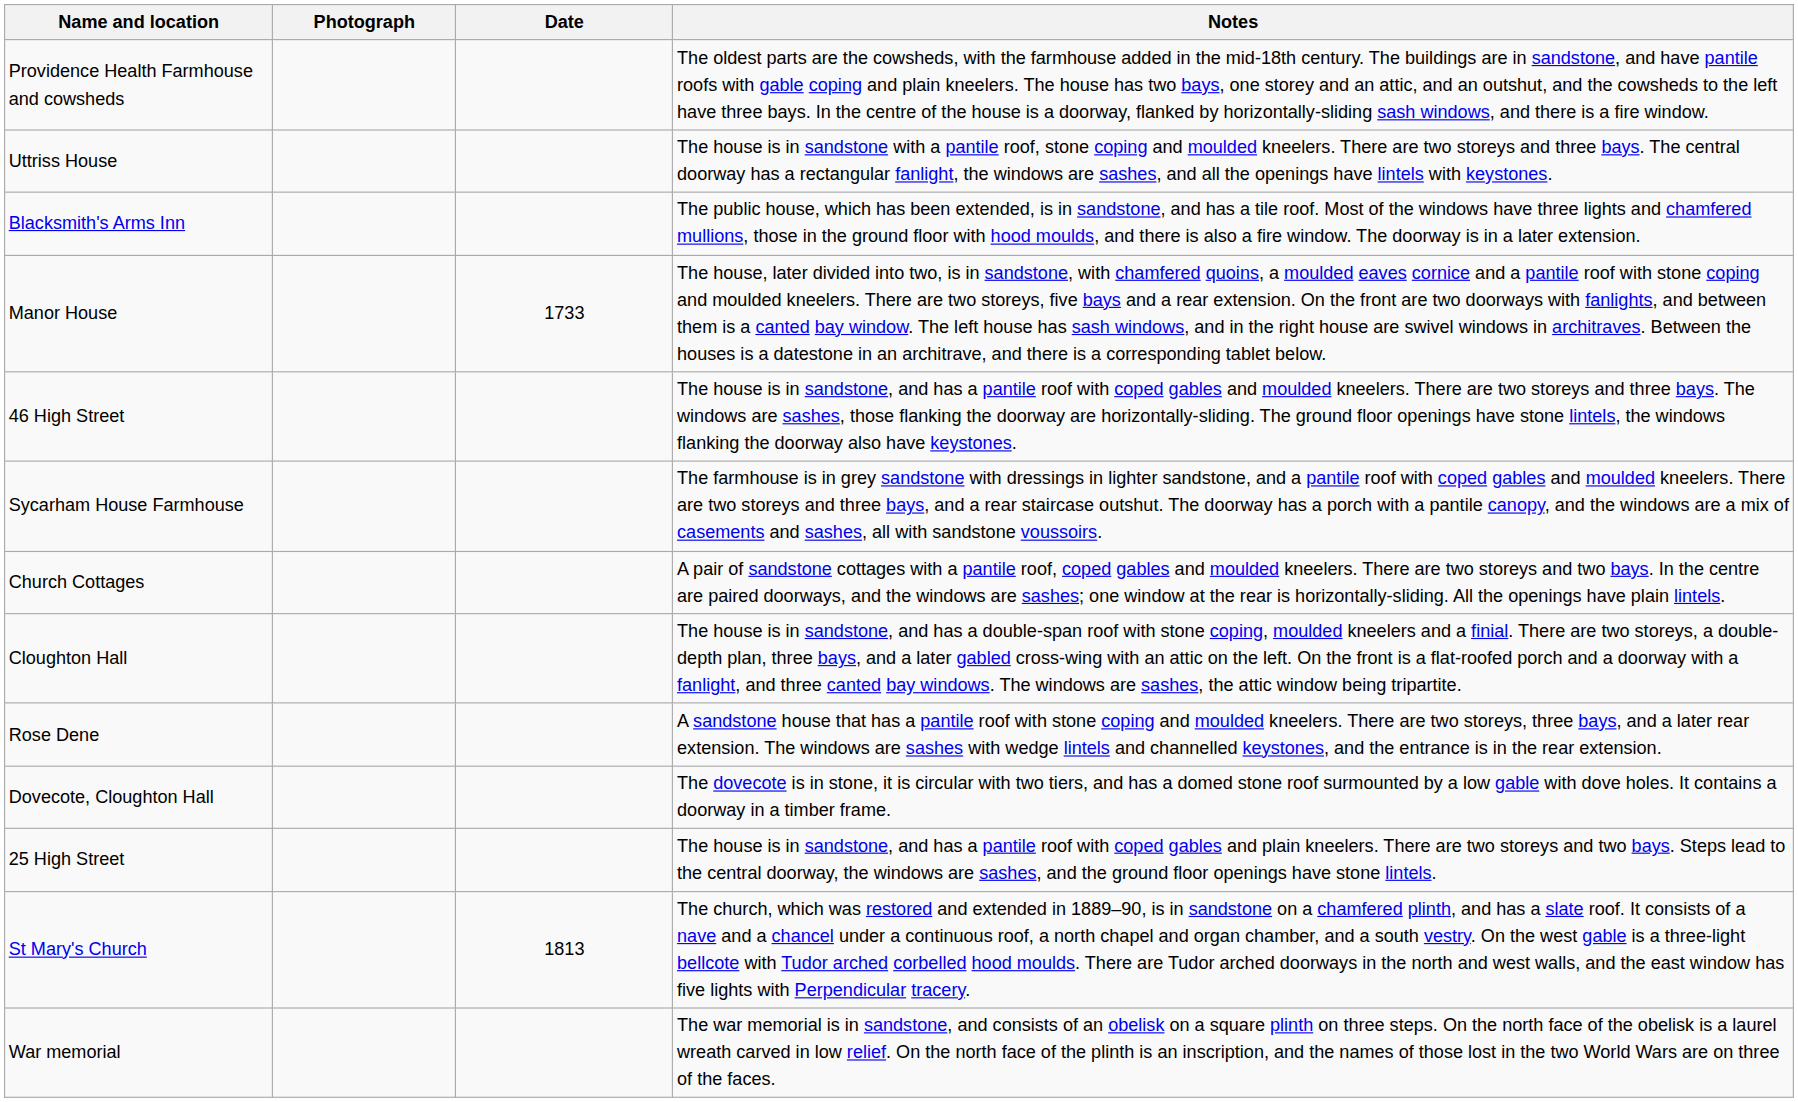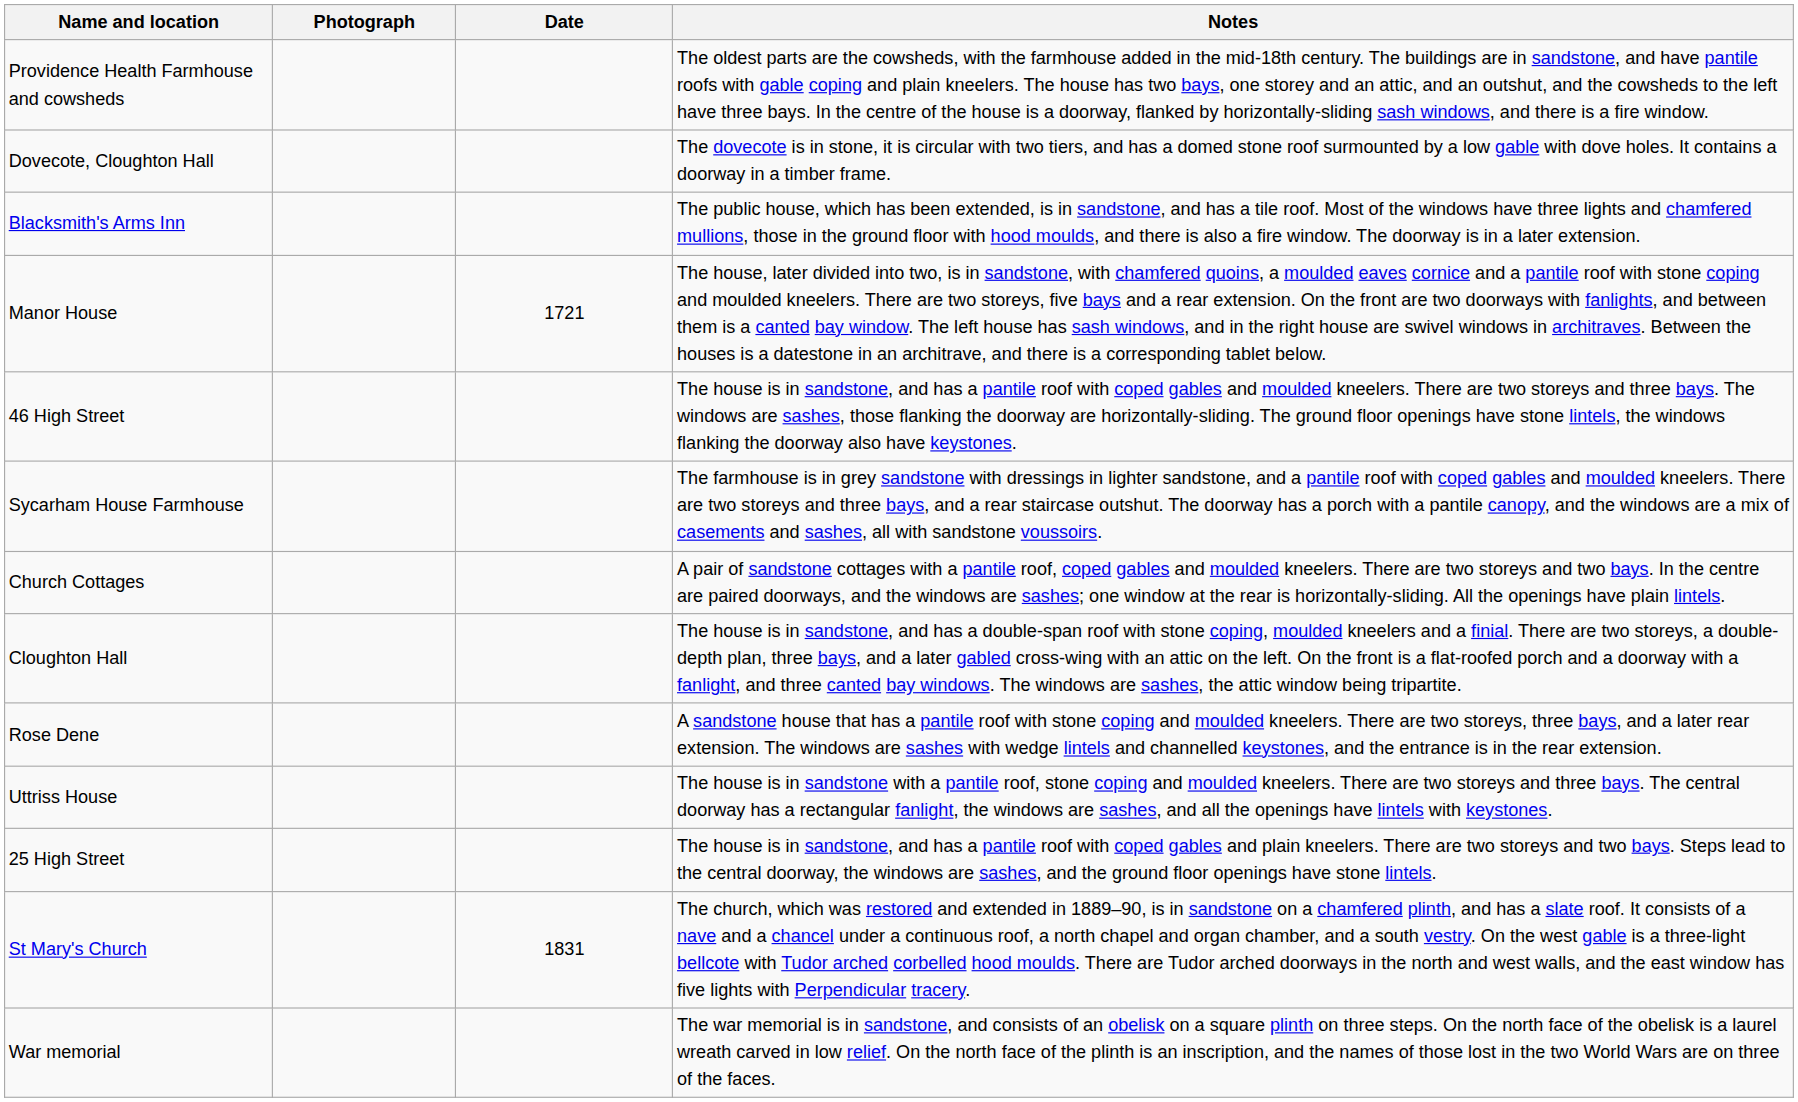 <table class="wikitable sortable plainrowheaders" style="width:100%;border:0px;text-align:left;line-height:150%;">
 <tr>
 <th scope="col"  style="width:150px">Name and location</th>
 <th scope="col"  style="width:100px" class="unsortable">Photograph</th>
 <th scope="col"  style="width:120px">Date</th>
 <th scope="col"  style="width:650px" class="unsortable">Notes</th>
 </tr>
 <tr>
 <td>Providence Health Farmhouse and cowsheds<br><small></small></td>
 <td></td>
 <td align="center"></td>
 <td>The oldest parts are the cowsheds, with the farmhouse added in the mid-18th century.  The buildings are in <a href='#'>sandstone</a>, and have <a href='#'>pantile</a> roofs with <a href='#'>gable</a> <a href='#'>coping</a> and plain kneelers.  The house has two <a href='#'>bays</a>, one storey and an attic, and an outshut, and the cowsheds to the left have three bays.  In the centre of the house is a doorway, flanked by horizontally-sliding <a href='#'>sash windows</a>, and there is a fire window.</td>
 </tr>
 <tr>
-<td>Uttriss House<br><small></small></td>
+<td>Dovecote, Cloughton Hall<br><small></small></td>
 <td></td>
 <td align="center"></td>
-<td>The house is in <a href='#'>sandstone</a> with a <a href='#'>pantile</a> roof, stone <a href='#'>coping</a> and <a href='#'>moulded</a> kneelers.  There are two storeys and three <a href='#'>bays</a>.  The central doorway has a rectangular <a href='#'>fanlight</a>, the windows are <a href='#'>sashes</a>, and all the openings have <a href='#'>lintels</a> with <a href='#'>keystones</a>.</td>
+<td>The <a href='#'>dovecote</a> is in stone, it is circular with two tiers, and has a domed stone roof surmounted by a low <a href='#'>gable</a> with dove holes.  It contains a doorway in a timber frame.</td>
 </tr>
 <tr>
 <td><a href='#'>Blacksmith's Arms Inn</a><br><small></small></td>
 <td></td>
 <td align="center"></td>
 <td>The public house, which has been extended, is in <a href='#'>sandstone</a>, and has a tile roof.  Most of the windows have three lights and <a href='#'>chamfered</a> <a href='#'>mullions</a>, those in the ground floor with <a href='#'>hood moulds</a>, and there is also a fire window.  The doorway is in a later extension.</td>
 </tr>
 <tr>
 <td>Manor House<br><small></small></td>
 <td></td>
-<td align="center">1733</td>
+<td align="center">1721</td>
 <td>The house, later divided into two, is in <a href='#'>sandstone</a>, with <a href='#'>chamfered</a> <a href='#'>quoins</a>, a <a href='#'>moulded</a> <a href='#'>eaves</a> <a href='#'>cornice</a> and a <a href='#'>pantile</a> roof with stone <a href='#'>coping</a> and moulded kneelers.  There are two storeys, five <a href='#'>bays</a> and a rear extension.  On the front are two doorways with <a href='#'>fanlights</a>, and between them is a <a href='#'>canted</a> <a href='#'>bay window</a>.  The left house has <a href='#'>sash windows</a>, and in the right house are swivel windows in <a href='#'>architraves</a>.  Between the houses is a datestone in an architrave, and there is a corresponding tablet below.</td>
 </tr>
 <tr>
 <td>46 High Street<br><small></small></td>
 <td></td>
 <td align="center"></td>
 <td>The house is in <a href='#'>sandstone</a>, and has a <a href='#'>pantile</a> roof with <a href='#'>coped</a> <a href='#'>gables</a> and <a href='#'>moulded</a> kneelers.  There are two storeys and three <a href='#'>bays</a>.  The windows are <a href='#'>sashes</a>, those flanking the doorway are horizontally-sliding.  The ground floor openings have stone <a href='#'>lintels</a>, the windows flanking the doorway also have <a href='#'>keystones</a>.</td>
 </tr>
 <tr>
 <td>Sycarham House Farmhouse<br><small></small></td>
 <td></td>
 <td align="center"></td>
 <td>The farmhouse is in grey <a href='#'>sandstone</a> with dressings in lighter sandstone, and a <a href='#'>pantile</a> roof with <a href='#'>coped</a> <a href='#'>gables</a> and <a href='#'>moulded</a> kneelers.  There are two storeys and three <a href='#'>bays</a>, and a rear staircase outshut.  The doorway has a porch with a pantile <a href='#'>canopy</a>, and the windows are a mix of <a href='#'>casements</a> and <a href='#'>sashes</a>, all with sandstone <a href='#'>voussoirs</a>.</td>
 </tr>
 <tr>
 <td>Church Cottages<br><small></small></td>
 <td></td>
 <td align="center"></td>
 <td>A pair of <a href='#'>sandstone</a> cottages with a <a href='#'>pantile</a> roof, <a href='#'>coped</a> <a href='#'>gables</a> and <a href='#'>moulded</a> kneelers.  There are two storeys and two <a href='#'>bays</a>.  In the centre are paired doorways, and the windows are <a href='#'>sashes</a>; one window at the rear is horizontally-sliding.  All the openings have plain <a href='#'>lintels</a>.</td>
 </tr>
 <tr>
 <td>Cloughton Hall<br><small></small></td>
 <td></td>
 <td align="center"></td>
 <td>The house is in <a href='#'>sandstone</a>, and has a double-span roof with stone <a href='#'>coping</a>, <a href='#'>moulded</a> kneelers and a <a href='#'>finial</a>.  There are two storeys, a double-depth plan, three <a href='#'>bays</a>, and a later <a href='#'>gabled</a> cross-wing with an attic on the left.  On the front is a flat-roofed porch and a doorway with a <a href='#'>fanlight</a>, and three <a href='#'>canted</a> <a href='#'>bay windows</a>.  The windows are <a href='#'>sashes</a>, the attic window being tripartite.</td>
 </tr>
 <tr>
 <td>Rose Dene<br><small></small></td>
 <td></td>
 <td align="center"></td>
 <td>A <a href='#'>sandstone</a> house that has a <a href='#'>pantile</a> roof with stone <a href='#'>coping</a> and <a href='#'>moulded</a> kneelers.  There are two storeys, three <a href='#'>bays</a>, and a later rear extension.  The windows are <a href='#'>sashes</a> with wedge <a href='#'>lintels</a> and channelled <a href='#'>keystones</a>, and the entrance is in the rear extension.</td>
 </tr>
 <tr>
-<td>Dovecote, Cloughton Hall<br><small></small></td>
+<td>Uttriss House<br><small></small></td>
 <td></td>
 <td align="center"></td>
-<td>The <a href='#'>dovecote</a> is in stone, it is circular with two tiers, and has a domed stone roof surmounted by a low <a href='#'>gable</a> with dove holes.  It contains a doorway in a timber frame.</td>
+<td>The house is in <a href='#'>sandstone</a> with a <a href='#'>pantile</a> roof, stone <a href='#'>coping</a> and <a href='#'>moulded</a> kneelers.  There are two storeys and three <a href='#'>bays</a>.  The central doorway has a rectangular <a href='#'>fanlight</a>, the windows are <a href='#'>sashes</a>, and all the openings have <a href='#'>lintels</a> with <a href='#'>keystones</a>.</td>
 </tr>
 <tr>
 <td>25 High Street<br><small></small></td>
 <td></td>
 <td align="center"></td>
 <td>The house is in <a href='#'>sandstone</a>, and has a <a href='#'>pantile</a> roof with <a href='#'>coped</a> <a href='#'>gables</a> and plain kneelers.  There are two storeys and two <a href='#'>bays</a>.  Steps lead to the central doorway, the windows are <a href='#'>sashes</a>, and the ground floor openings have stone <a href='#'>lintels</a>.</td>
 </tr>
 <tr>
 <td><a href='#'>St Mary's Church</a><br><small></small></td>
 <td></td>
-<td align="center">1813</td>
+<td align="center">1831</td>
 <td>The church, which was <a href='#'>restored</a> and extended in 1889–90, is in <a href='#'>sandstone</a> on a <a href='#'>chamfered</a> <a href='#'>plinth</a>, and has a <a href='#'>slate</a> roof.  It consists of a <a href='#'>nave</a> and a <a href='#'>chancel</a> under a continuous roof, a north chapel and organ chamber, and a south <a href='#'>vestry</a>.  On the west <a href='#'>gable</a> is a three-light <a href='#'>bellcote</a> with <a href='#'>Tudor arched</a> <a href='#'>corbelled</a> <a href='#'>hood moulds</a>.  There are Tudor arched doorways in the north and west walls, and the east window has five lights with <a href='#'>Perpendicular</a> <a href='#'>tracery</a>.</td>
 </tr>
 <tr>
 <td>War memorial<br><small></small></td>
 <td></td>
 <td align="center"></td>
 <td>The war memorial is in <a href='#'>sandstone</a>, and consists of an <a href='#'>obelisk</a> on a square <a href='#'>plinth</a> on three steps.  On the north face of the obelisk is a laurel wreath carved in low <a href='#'>relief</a>.  On the north face of the plinth is an inscription, and the names of those lost in the two World Wars are on three of the faces.</td>
 </tr>
 <tr>
 </tr>
 </table>
